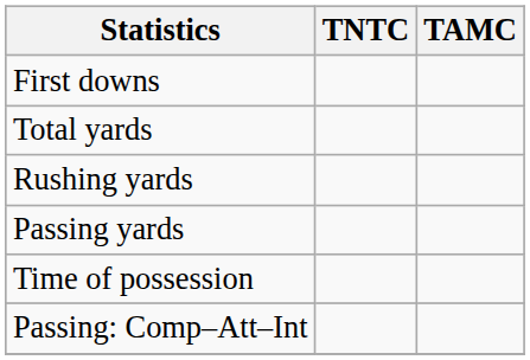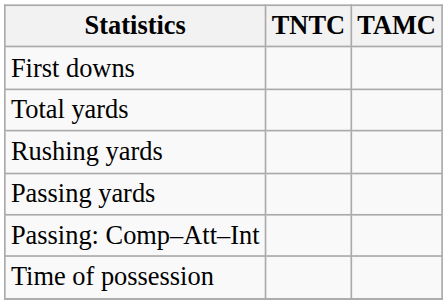 <table class="wikitable" style="float: left;">
 <tr>
 <th>Statistics</th>
 <th>TNTC</th>
 <th>TAMC</th>
 </tr>
 <tr>
 <td>First downs</td>
 <td></td>
 <td></td>
 </tr>
 <tr>
 <td>Total yards</td>
 <td></td>
 <td></td>
 </tr>
 <tr>
 <td>Rushing yards</td>
 <td></td>
 <td></td>
 </tr>
 <tr>
 <td>Passing yards</td>
 <td></td>
 <td></td>
 </tr>
 <tr>
-<td>Time of possession</td>
+<td>Passing: Comp–Att–Int</td>
 <td></td>
 <td></td>
 </tr>
 <tr>
-<td>Passing: Comp–Att–Int</td>
+<td>Time of possession</td>
 <td></td>
 <td></td>
 </tr>
 <tr>
 </tr>
 </table>
